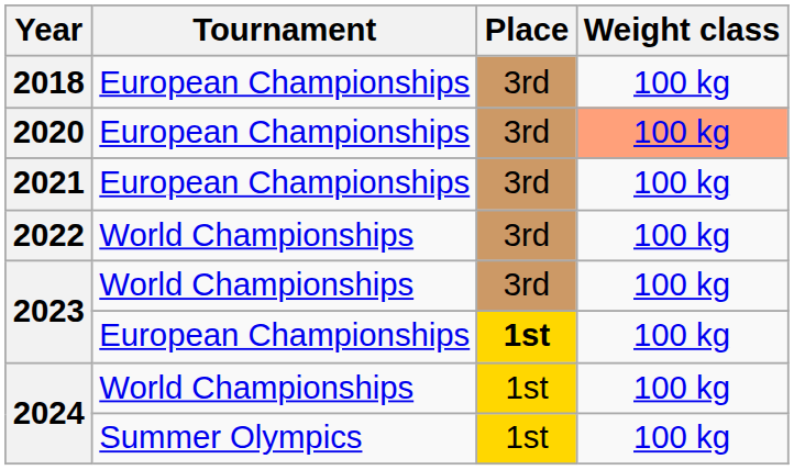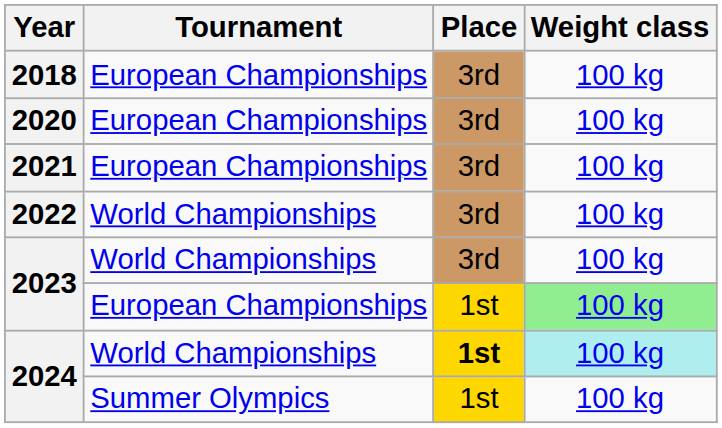 <table class="wikitable" style="text-align:center;">
 <tr>
 <th>Year</th>
 <th>Tournament</th>
 <th>Place</th>
 <th>Weight class</th>
 </tr>
 <tr>
 <th>2018</th>
 <td align=left><a href='#'>European Championships</a></td>
 <td bgcolor=cc9966>3rd</td>
 <td><a href='#'>100 kg</a></td>
 </tr>
 <tr>
 <th>2020</th>
 <td align=left><a href='#'>European Championships</a></td>
 <td bgcolor=cc9966>3rd</td>
-<td style="background: lightsalmon;"><a href='#'>100 kg</a></td>
+<td><a href='#'>100 kg</a></td>
 </tr>
 <tr>
 <th>2021</th>
 <td align=left><a href='#'>European Championships</a></td>
 <td bgcolor=cc9966>3rd</td>
 <td><a href='#'>100 kg</a></td>
 </tr>
 <tr>
 <th>2022</th>
 <td align=left><a href='#'>World Championships</a></td>
 <td bgcolor=cc9966>3rd</td>
 <td><a href='#'>100 kg</a></td>
 </tr>
 <tr>
 <th rowspan=2>2023</th>
 <td align=left><a href='#'>World Championships</a></td>
 <td bgcolor=cc9966>3rd</td>
 <td><a href='#'>100 kg</a></td>
 </tr>
 <tr>
 <td align=left><a href='#'>European Championships</a></td>
-<td bgcolor=gold><strong>1st</strong></td>
-<td><a href='#'>100 kg</a></td>
+<td bgcolor=gold>1st</td>
+<td style="background: lightgreen;"><a href='#'>100 kg</a></td>
 </tr>
 <tr>
 <th rowspan=2>2024</th>
 <td align=left><a href='#'>World Championships</a></td>
-<td bgcolor=gold>1st</td>
-<td><a href='#'>100 kg</a></td>
+<td bgcolor=gold><strong>1st</strong></td>
+<td style="background: paleturquoise;"><a href='#'>100 kg</a></td>
 </tr>
 <tr>
 <td align=left><a href='#'>Summer Olympics</a></td>
 <td bgcolor=gold>1st</td>
 <td><a href='#'>100 kg</a></td>
 </tr>
 </table>
